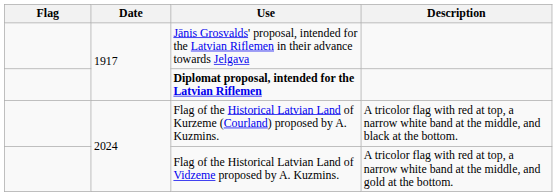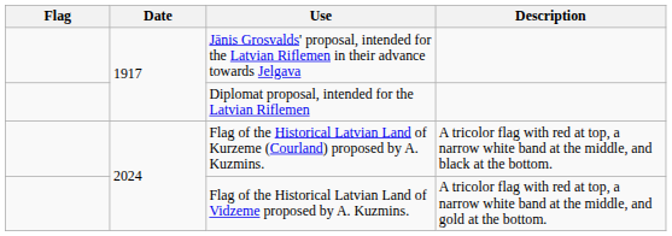 <table class="wikitable">
 <tr>
 <th style="width:110px">Flag</th>
 <th style="width:100px">Date</th>
 <th style="width:250px">Use</th>
 <th style="width:250px">Description</th>
 </tr>
 <tr>
 <td></td>
 <td rowspan="2">1917</td>
 <td><a href='#'>Jānis Grosvalds</a>' proposal, intended for the <a href='#'>Latvian Riflemen</a> in their advance towards <a href='#'>Jelgava</a></td>
 <td></td>
 </tr>
 <tr>
 <td></td>
-<td><strong>Diplomat  proposal, intended for the <a href='#'>Latvian Riflemen</a></strong></td>
+<td>Diplomat  proposal, intended for the <a href='#'>Latvian Riflemen</a></td>
 <td></td>
 </tr>
 <tr>
 <td></td>
 <td rowspan="2">2024</td>
 <td>Flag of the <a href='#'>Historical Latvian Land</a> of Kurzeme (<a href='#'>Courland</a>) proposed by A. Kuzmins.</td>
 <td>A tricolor flag with red at top, a narrow white band at the middle, and black at the bottom.</td>
 </tr>
 <tr>
 <td></td>
 <td>Flag of the Historical Latvian Land of <a href='#'>Vidzeme</a> proposed by A. Kuzmins.</td>
 <td>A tricolor flag with red at top, a narrow white band at the middle, and gold at the bottom.</td>
 </tr>
 </table>
